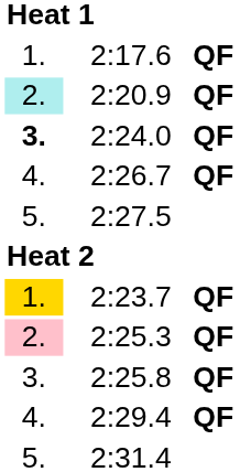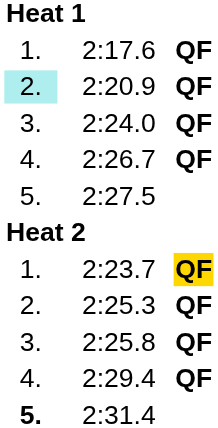 <table style="text-align:center">
 <tr>
 <td colspan=4 align=left><strong>Heat 1</strong></td>
 </tr>
 <tr>
 <td width=30>1.</td>
 <td align=left></td>
 <td width=60>2:17.6</td>
 <td><strong>QF</strong></td>
 </tr>
 <tr>
 <td style="background: paleturquoise;">2.</td>
 <td align=left></td>
 <td>2:20.9</td>
 <td><strong>QF</strong></td>
 </tr>
 <tr>
-<td><strong>3.</strong></td>
+<td>3.</td>
 <td align=left></td>
 <td>2:24.0</td>
 <td><strong>QF</strong></td>
 </tr>
 <tr>
 <td>4.</td>
 <td align=left></td>
 <td>2:26.7</td>
 <td><strong>QF</strong></td>
 </tr>
 <tr>
 <td>5.</td>
 <td align=left></td>
 <td>2:27.5</td>
 <td></td>
 </tr>
 <tr>
 <td colspan=4 align=left><strong>Heat 2</strong></td>
 </tr>
 <tr>
-<td style="background: gold;">1.</td>
+<td>1.</td>
 <td align=left></td>
 <td>2:23.7</td>
-<td><strong>QF</strong></td>
+<td style="background: gold;"><strong>QF</strong></td>
 </tr>
 <tr>
-<td style="background: pink;">2.</td>
+<td>2.</td>
 <td align=left></td>
 <td>2:25.3</td>
 <td><strong>QF</strong></td>
 </tr>
 <tr>
 <td>3.</td>
 <td align=left></td>
 <td>2:25.8</td>
 <td><strong>QF</strong></td>
 </tr>
 <tr>
 <td>4.</td>
 <td align=left></td>
 <td>2:29.4</td>
 <td><strong>QF</strong></td>
 </tr>
 <tr>
-<td>5.</td>
+<td><strong>5.</strong></td>
 <td align=left></td>
 <td>2:31.4</td>
 <td></td>
 </tr>
 </table>
